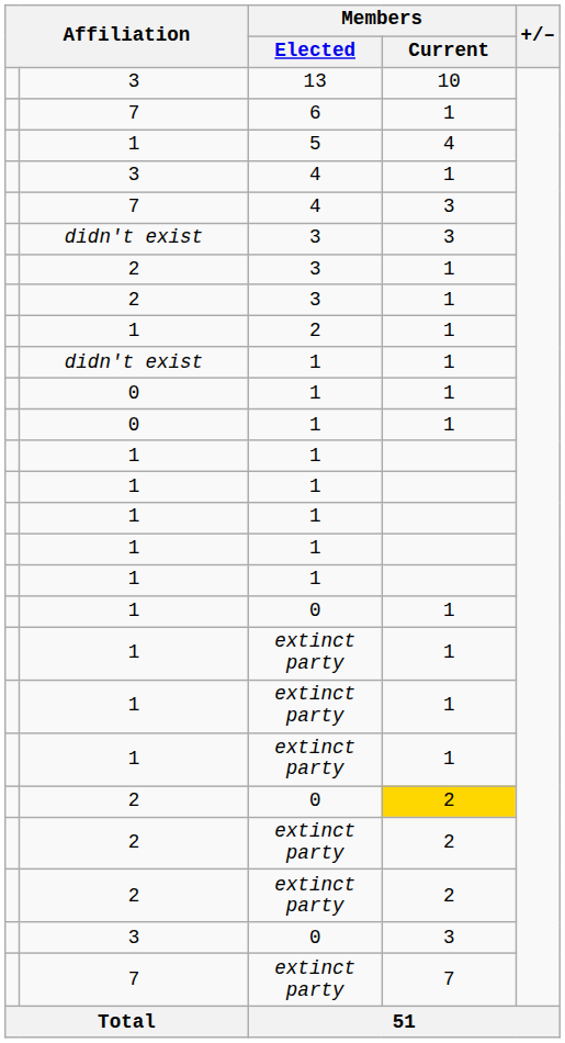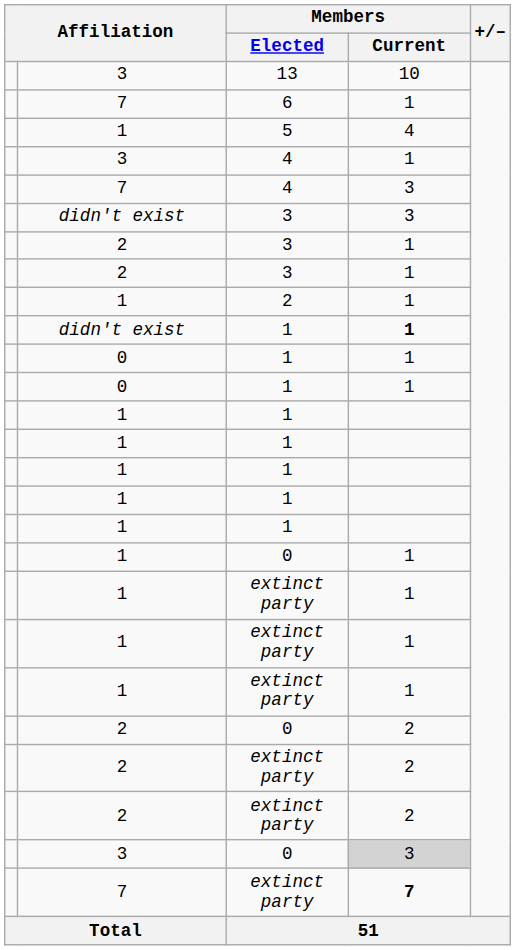 <table class="wikitable" border="1" style="font-size: 95%; text-align: center;">
 <tr>
 <th colspan="2" rowspan="2" class="unsortable" style="text-align: center; vertical-align: middle; width: 150px;">Affiliation</th>
 <th colspan="2" style="vertical-align: top;">Members</th>
 <th rowspan="2">+/–</th>
 </tr>
 <tr>
 <th data-sort-type="number" style="width: 80px;"><a href='#'>Elected</a></th>
 <th style="width: 80px;">Current</th>
 </tr>
 <tr>
 <td></td>
 <td>3</td>
 <td>13</td>
 <td>10</td>
 </tr>
 <tr>
 <td></td>
 <td>7</td>
 <td>6</td>
 <td>1</td>
 </tr>
 <tr>
 <td></td>
 <td>1</td>
 <td>5</td>
 <td>4</td>
 </tr>
 <tr>
 <td></td>
 <td>3</td>
 <td>4</td>
 <td>1</td>
 </tr>
 <tr>
 <td></td>
 <td>7</td>
 <td>4</td>
 <td>3</td>
 </tr>
 <tr>
 <td></td>
 <td><em>didn't exist</em></td>
 <td>3</td>
 <td>3</td>
 </tr>
 <tr>
 <td></td>
 <td>2</td>
 <td>3</td>
 <td>1</td>
 </tr>
 <tr>
 <td></td>
 <td>2</td>
 <td>3</td>
 <td>1</td>
 </tr>
 <tr>
 <td></td>
 <td>1</td>
 <td>2</td>
 <td>1</td>
 </tr>
 <tr>
 <td></td>
 <td><em>didn't exist</em></td>
 <td>1</td>
-<td>1</td>
+<td><strong>1</strong></td>
 </tr>
 <tr>
 <td></td>
 <td>0</td>
 <td>1</td>
 <td>1</td>
 </tr>
 <tr>
 <td></td>
 <td>0</td>
 <td>1</td>
 <td>1</td>
 </tr>
 <tr>
 <td></td>
 <td>1</td>
 <td>1</td>
 <td></td>
 </tr>
 <tr>
 <td></td>
 <td>1</td>
 <td>1</td>
 <td></td>
 </tr>
 <tr>
 <td></td>
 <td>1</td>
 <td>1</td>
 <td></td>
 </tr>
 <tr>
 <td></td>
 <td>1</td>
 <td>1</td>
 <td></td>
 </tr>
 <tr>
 <td></td>
 <td>1</td>
 <td>1</td>
 <td></td>
 </tr>
 <tr>
 <td></td>
 <td>1</td>
 <td>0</td>
 <td>1</td>
 </tr>
 <tr>
 <td></td>
 <td>1</td>
 <td><em>extinct party</em></td>
 <td>1</td>
 </tr>
 <tr>
 <td></td>
 <td>1</td>
 <td><em>extinct party</em></td>
 <td>1</td>
 </tr>
 <tr>
 <td></td>
 <td>1</td>
 <td><em>extinct party</em></td>
 <td>1</td>
 </tr>
 <tr>
 <td></td>
 <td>2</td>
 <td>0</td>
-<td style="background: gold;">2</td>
+<td>2</td>
 </tr>
 <tr>
 <td></td>
 <td>2</td>
 <td><em>extinct party</em></td>
 <td>2</td>
 </tr>
 <tr>
 <td></td>
 <td>2</td>
 <td><em>extinct party</em></td>
 <td>2</td>
 </tr>
 <tr>
 <td></td>
 <td>3</td>
 <td>0</td>
-<td>3</td>
+<td style="background: lightgrey;">3</td>
 </tr>
 <tr>
 <td></td>
 <td>7</td>
 <td><em>extinct party</em></td>
-<td>7</td>
+<td><strong>7</strong></td>
 </tr>
 <tr>
 <th colspan="2">Total</th>
 <th colspan="3">51</th>
 </tr>
 </table>
